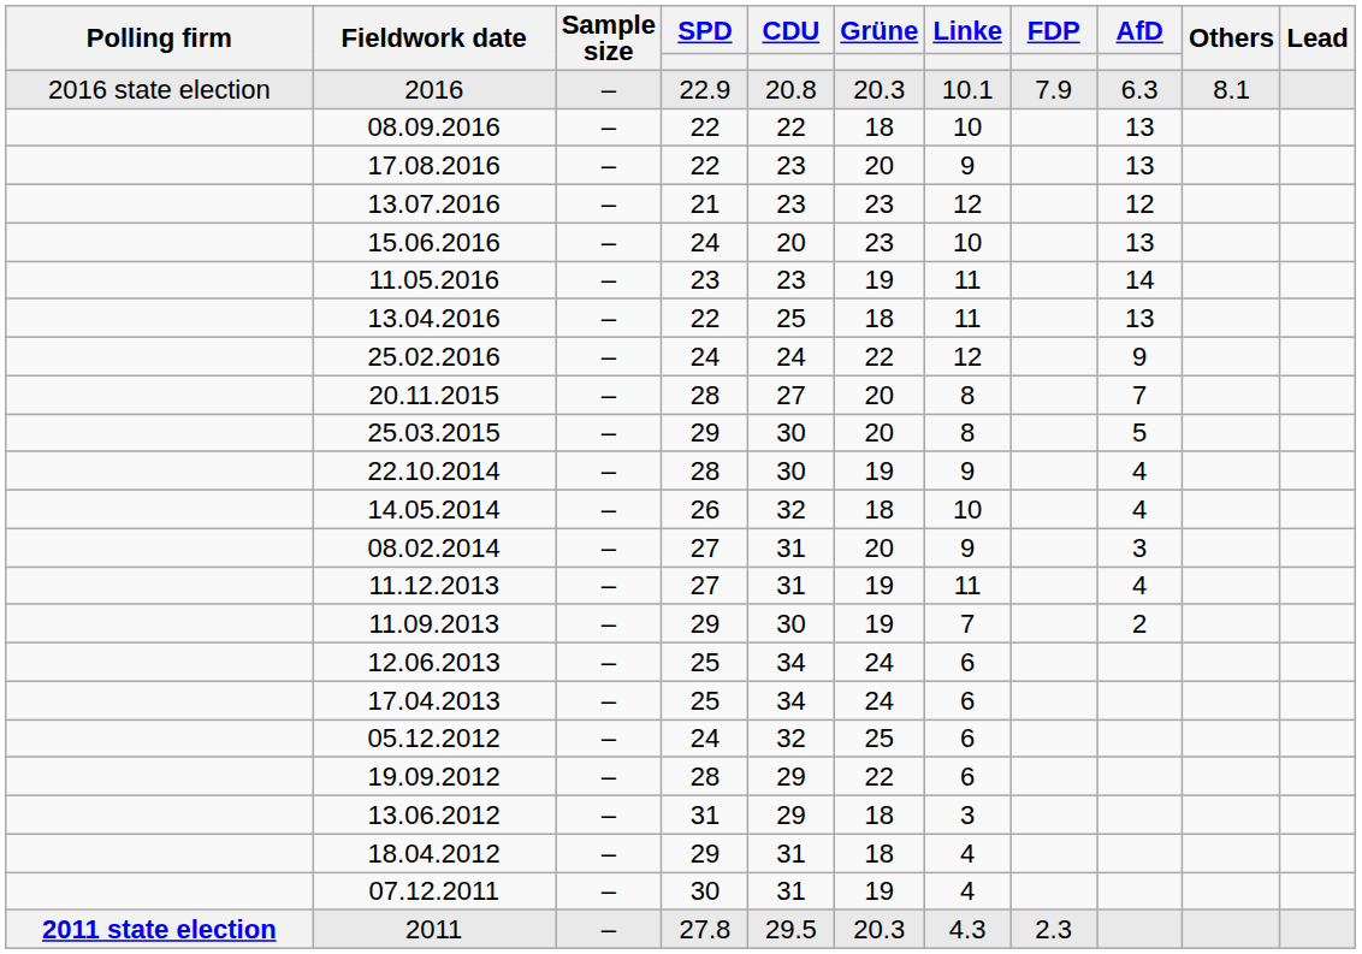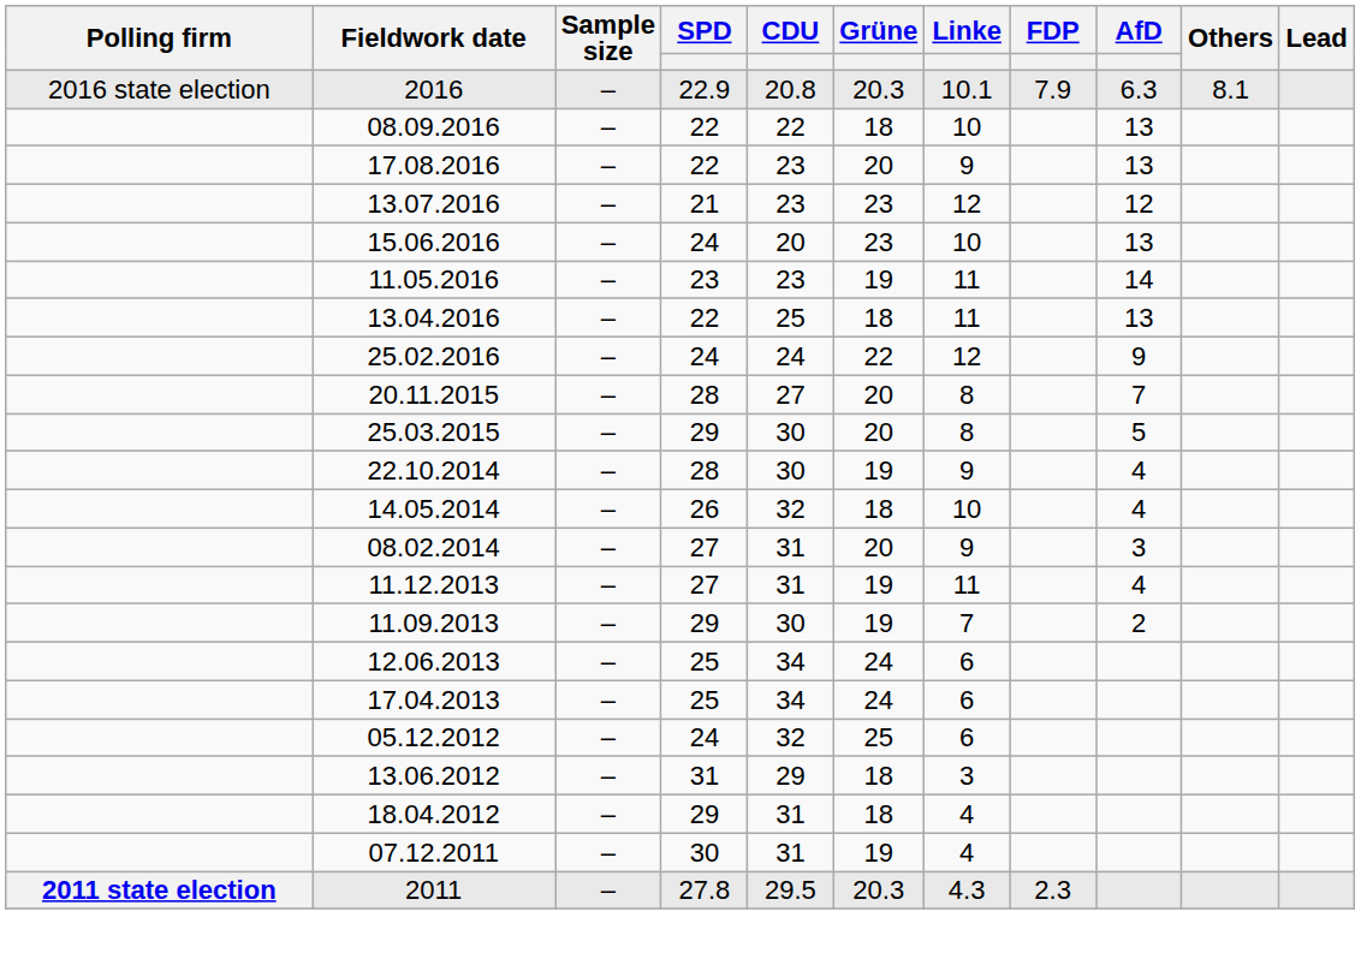 <table class="wikitable sortable" style="text-align:center;font-size:90%;line-height:14px;">
 <tr>
 <th rowspan="2" style="width:160px;">Polling firm</th>
 <th rowspan="2" style="width:125px;">Fieldwork date</th>
 <th rowspan="2" style="width:35px;">Sample<br>size</th>
 <th class="unsortable" style="width:40px;"><a href='#'>SPD</a></th>
 <th class="unsortable" style="width:40px;"><a href='#'>CDU</a></th>
 <th class="unsortable" style="width:40px;"><a href='#'>Grüne</a></th>
 <th class="unsortable" style="width:40px;"><a href='#'>Linke</a></th>
 <th class="unsortable" style="width:40px;"><a href='#'>FDP</a></th>
 <th class="unsortable" style="width:40px;"><a href='#'>AfD</a></th>
 <th rowspan="2" class="unsortable" style="width:40px;">Others</th>
 <th rowspan="2" style="width:30px;">Lead</th>
 </tr>
 <tr>
 <th style="background:"></th>
 <th style="background:"></th>
 <th style="background:"></th>
 <th style="background:"></th>
 <th style="background:"></th>
 <th style="background:"></th>
 </tr>
 <tr style="background:#E9E9E9;">
 <td>2016 state election</td>
 <td>2016</td>
 <td>–</td>
 <td>22.9</td>
 <td>20.8</td>
 <td>20.3</td>
 <td>10.1</td>
 <td>7.9</td>
 <td>6.3</td>
 <td>8.1</td>
 <td style="background:"></td>
 </tr>
 <tr>
 <td></td>
 <td data-sort-value="2023-02-02">08.09.2016</td>
 <td>–</td>
 <td>22</td>
 <td>22</td>
 <td>18</td>
 <td>10</td>
 <td></td>
 <td>13</td>
 <td></td>
 <td></td>
 </tr>
 <tr>
 <td></td>
 <td data-sort-value="2023-02-02">17.08.2016</td>
 <td>–</td>
 <td>22</td>
 <td>23</td>
 <td>20</td>
 <td>9</td>
 <td></td>
 <td>13</td>
 <td></td>
 <td style="background:"></td>
 </tr>
 <tr>
 <td></td>
 <td data-sort-value="2023-02-02">13.07.2016</td>
 <td>–</td>
 <td>21</td>
 <td>23</td>
 <td>23</td>
 <td>12</td>
 <td></td>
 <td>12</td>
 <td></td>
 <td></td>
 </tr>
 <tr>
 <td></td>
 <td data-sort-value="2023-02-02">15.06.2016</td>
 <td>–</td>
 <td>24</td>
 <td>20</td>
 <td>23</td>
 <td>10</td>
 <td></td>
 <td>13</td>
 <td></td>
 <td></td>
 </tr>
 <tr>
 <td></td>
 <td data-sort-value="2023-02-02">11.05.2016</td>
 <td>–</td>
 <td>23</td>
 <td>23</td>
 <td>19</td>
 <td>11</td>
 <td></td>
 <td>14</td>
 <td></td>
 <td></td>
 </tr>
 <tr>
 <td></td>
 <td data-sort-value="2023-02-02">13.04.2016</td>
 <td>–</td>
 <td>22</td>
 <td>25</td>
 <td>18</td>
 <td>11</td>
 <td></td>
 <td>13</td>
 <td></td>
 <td style="background:"></td>
 </tr>
 <tr>
 <td></td>
 <td data-sort-value="2023-02-02">25.02.2016</td>
 <td>–</td>
 <td>24</td>
 <td>24</td>
 <td>22</td>
 <td>12</td>
 <td></td>
 <td>9</td>
 <td></td>
 <td></td>
 </tr>
 <tr>
 <td></td>
 <td data-sort-value="2023-02-02">20.11.2015</td>
 <td>–</td>
 <td>28</td>
 <td>27</td>
 <td>20</td>
 <td>8</td>
 <td></td>
 <td>7</td>
 <td></td>
 <td style="background:"></td>
 </tr>
 <tr>
 <td></td>
 <td data-sort-value="2023-02-02">25.03.2015</td>
 <td>–</td>
 <td>29</td>
 <td>30</td>
 <td>20</td>
 <td>8</td>
 <td></td>
 <td>5</td>
 <td></td>
 <td style="background:"></td>
 </tr>
 <tr>
 <td></td>
 <td data-sort-value="2023-02-02">22.10.2014</td>
 <td>–</td>
 <td>28</td>
 <td>30</td>
 <td>19</td>
 <td>9</td>
 <td></td>
 <td>4</td>
 <td></td>
 <td style="background:"></td>
 </tr>
 <tr>
 <td></td>
 <td data-sort-value="2023-02-02">14.05.2014</td>
 <td>–</td>
 <td>26</td>
 <td>32</td>
 <td>18</td>
 <td>10</td>
 <td></td>
 <td>4</td>
 <td></td>
 <td style="background:"></td>
 </tr>
 <tr>
 <td></td>
 <td data-sort-value="2023-02-02">08.02.2014</td>
 <td>–</td>
 <td>27</td>
 <td>31</td>
 <td>20</td>
 <td>9</td>
 <td></td>
 <td>3</td>
 <td></td>
 <td style="background:"></td>
 </tr>
 <tr>
 <td></td>
 <td data-sort-value="2023-02-02">11.12.2013</td>
 <td>–</td>
 <td>27</td>
 <td>31</td>
 <td>19</td>
 <td>11</td>
 <td></td>
 <td>4</td>
 <td></td>
 <td style="background:"></td>
 </tr>
 <tr>
 <td></td>
 <td data-sort-value="2023-02-02">11.09.2013</td>
 <td>–</td>
 <td>29</td>
 <td>30</td>
 <td>19</td>
 <td>7</td>
 <td></td>
 <td>2</td>
 <td></td>
 <td style="background:"></td>
 </tr>
 <tr>
 <td></td>
 <td data-sort-value="2023-02-02">12.06.2013</td>
 <td>–</td>
 <td>25</td>
 <td>34</td>
 <td>24</td>
 <td>6</td>
 <td></td>
 <td></td>
 <td></td>
 <td style="background:"></td>
 </tr>
 <tr>
 <td></td>
 <td data-sort-value="2023-02-02">17.04.2013</td>
 <td>–</td>
 <td>25</td>
 <td>34</td>
 <td>24</td>
 <td>6</td>
 <td></td>
 <td></td>
 <td></td>
 <td style="background:"></td>
 </tr>
 <tr>
 <td></td>
 <td data-sort-value="2023-02-02">05.12.2012</td>
 <td>–</td>
 <td>24</td>
 <td>32</td>
 <td>25</td>
 <td>6</td>
 <td></td>
 <td></td>
 <td></td>
 <td style="background:"></td>
 </tr>
 <tr>
 <td></td>
-<td data-sort-value="2023-02-02">19.09.2012</td>
-<td>–</td>
-<td>28</td>
-<td>29</td>
-<td>22</td>
-<td>6</td>
-<td></td>
-<td></td>
-<td></td>
-<td style="background:"></td>
-</tr>
-<tr>
-<td></td>
 <td data-sort-value="2023-02-02">13.06.2012</td>
 <td>–</td>
 <td>31</td>
 <td>29</td>
 <td>18</td>
 <td>3</td>
 <td></td>
 <td></td>
 <td></td>
 <td></td>
 </tr>
 <tr>
 <td></td>
 <td data-sort-value="2023-02-02">18.04.2012</td>
 <td>–</td>
 <td>29</td>
 <td>31</td>
 <td>18</td>
 <td>4</td>
 <td></td>
 <td></td>
 <td></td>
 <td style="background:"></td>
 </tr>
 <tr>
 <td></td>
 <td data-sort-value="2023-02-02">07.12.2011</td>
 <td>–</td>
 <td>30</td>
 <td>31</td>
 <td>19</td>
 <td>4</td>
 <td></td>
 <td></td>
 <td></td>
 <td style="background:"></td>
 </tr>
 <tr style="background:#E9E9E9;">
 <th><a href='#'>2011 state election</a></th>
 <td>2011</td>
 <td>–</td>
 <td>27.8</td>
 <td>29.5</td>
 <td>20.3</td>
 <td>4.3</td>
 <td>2.3</td>
 <td></td>
 <td></td>
 <td></td>
 </tr>
 </table>
